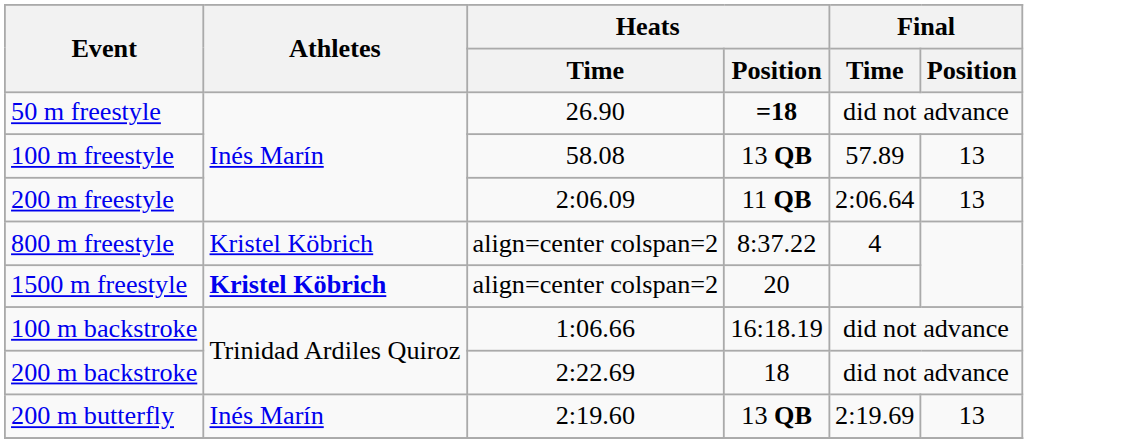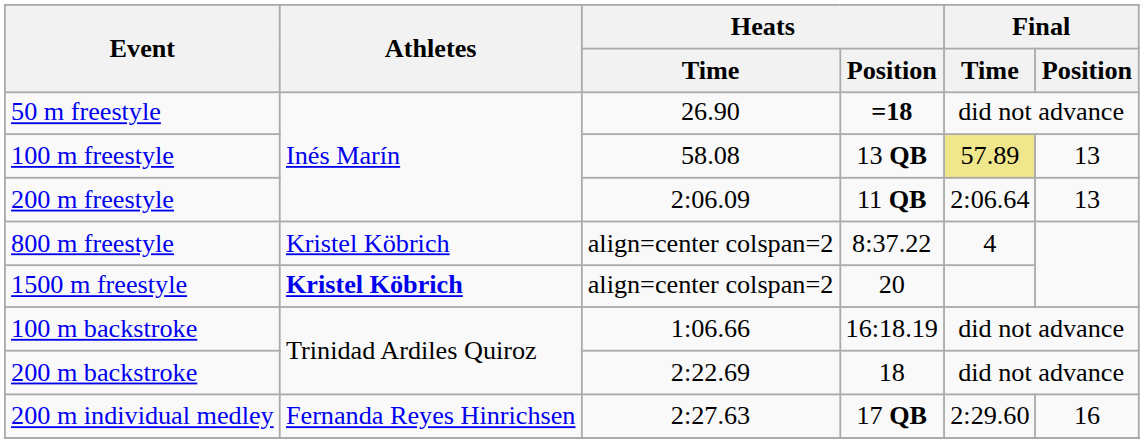 <table class="wikitable" border="1" style="font-size:90%">
 <tr>
 <th rowspan=2>Event</th>
 <th rowspan=2>Athletes</th>
 <th colspan=2>Heats</th>
 <th colspan=2>Final</th>
 </tr>
 <tr>
 <th>Time</th>
 <th>Position</th>
 <th>Time</th>
 <th>Position</th>
 </tr>
 <tr>
 <td><a href='#'>50 m freestyle</a></td>
 <td rowspan="3"><a href='#'>Inés Marín</a></td>
 <td align=center>26.90</td>
 <td align=center><strong>=18</strong></td>
 <td align=center colspan="2">did not advance</td>
 </tr>
 <tr>
 <td><a href='#'>100 m freestyle</a></td>
 <td align=center>58.08</td>
 <td align=center>13 <strong>QB</strong></td>
-<td align=center>57.89</td>
+<td align=center style="background: khaki;">57.89</td>
 <td align=center>13</td>
 </tr>
 <tr>
 <td><a href='#'>200 m freestyle</a></td>
 <td align=center>2:06.09</td>
 <td align=center>11 <strong>QB</strong></td>
 <td align=center>2:06.64</td>
 <td align=center>13</td>
 </tr>
 <tr>
 <td><a href='#'>800 m freestyle</a></td>
 <td><a href='#'>Kristel Köbrich</a></td>
 <td>align=center colspan=2 </td>
 <td align=center>8:37.22</td>
 <td align=center>4</td>
 </tr>
 <tr>
 <td><a href='#'>1500 m freestyle</a></td>
 <td><strong><a href='#'>Kristel Köbrich</a></strong></td>
 <td>align=center colspan=2 </td>
 <td align=center>20</td>
 <td align=center></td>
 </tr>
 <tr>
 <td><a href='#'>100 m backstroke</a></td>
 <td rowspan="2">Trinidad Ardiles Quiroz</td>
 <td align=center>1:06.66</td>
 <td align=center>16:18.19</td>
 <td align=center colspan="2">did not advance</td>
 </tr>
 <tr>
 <td><a href='#'>200 m backstroke</a></td>
 <td align=center>2:22.69</td>
 <td align=center>18</td>
 <td align=center colspan="2">did not advance</td>
 </tr>
 <tr>
-<td><a href='#'>200 m butterfly</a></td>
-<td><a href='#'>Inés Marín</a></td>
-<td align=center>2:19.60</td>
-<td align=center>13 <strong>QB</strong></td>
-<td align=center>2:19.69</td>
-<td align=center>13</td>
+<td><a href='#'>200 m individual medley</a></td>
+<td><a href='#'>Fernanda Reyes Hinrichsen</a></td>
+<td align=center>2:27.63</td>
+<td align=center>17 <strong>QB</strong></td>
+<td align=center>2:29.60</td>
+<td align=center>16</td>
 </tr>
 <tr>
 </tr>
 </table>
